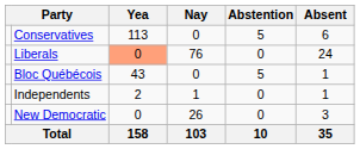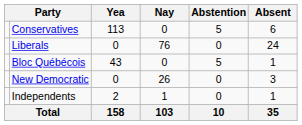 <table class="wikitable" align="center" style="text-align:center; font-size:90%">
 <tr>
 <th colspan="2">Party</th>
 <th width=60px>Yea</th>
 <th width=60px>Nay</th>
 <th width=60px>Abstention</th>
 <th width=60px>Absent</th>
 </tr>
 <tr>
 <td style="background:"></td>
 <td align="left"><a href='#'>Conservatives</a></td>
 <td>113</td>
 <td>0</td>
 <td>5</td>
 <td>6</td>
 </tr>
 <tr>
 <td style="background:"></td>
 <td align="left"><a href='#'>Liberals</a></td>
-<td style="background: lightsalmon;">0</td>
+<td>0</td>
 <td>76</td>
 <td>0</td>
 <td>24</td>
 </tr>
 <tr>
 <td style="background:"></td>
 <td align="left"><a href='#'>Bloc Québécois</a></td>
 <td>43</td>
 <td>0</td>
 <td>5</td>
 <td>1</td>
 </tr>
 <tr>
 <td style="background:"></td>
+<td align="left"><a href='#'>New Democratic</a></td>
+<td>0</td>
+<td>26</td>
+<td>0</td>
+<td>3</td>
+</tr>
+<tr>
+<td style="background:"></td>
 <td align="left">Independents</td>
 <td>2</td>
 <td>1</td>
 <td>0</td>
 <td>1</td>
-</tr>
-<tr>
-<td style="background:"></td>
-<td align="left"><a href='#'>New Democratic</a></td>
-<td>0</td>
-<td>26</td>
-<td>0</td>
-<td>3</td>
 </tr>
 <tr>
 <th colspan=2>Total</th>
 <th>158</th>
 <th>103</th>
 <th>10</th>
 <th>35</th>
 </tr>
 </table>
